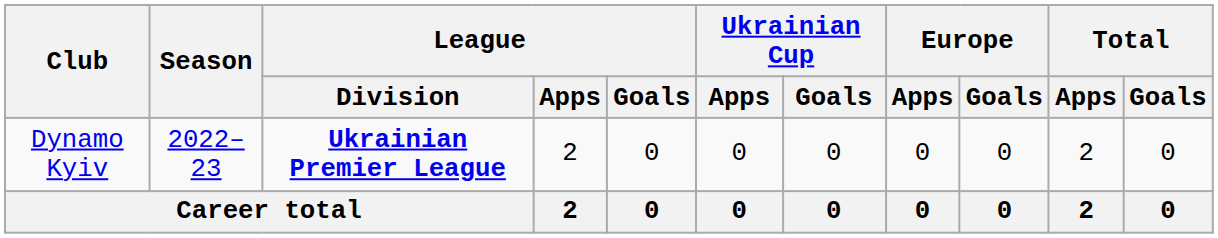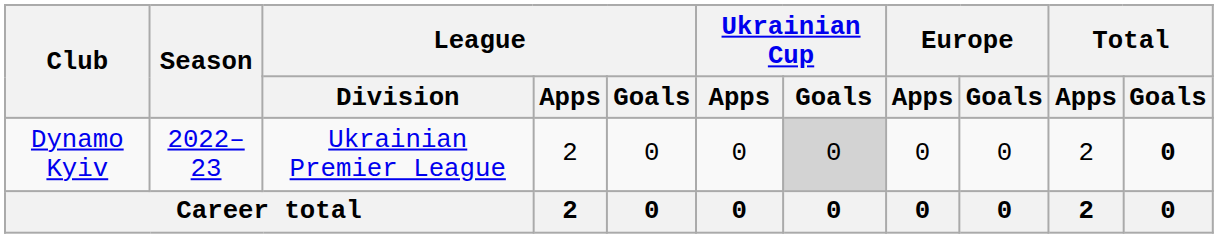 <table class="wikitable" style="text-align:center">
 <tr>
 <th rowspan="2">Club</th>
 <th rowspan="2">Season</th>
 <th colspan="3">League</th>
 <th colspan="2"><a href='#'>Ukrainian Cup</a></th>
 <th colspan="2">Europe</th>
 <th colspan="2">Total</th>
 </tr>
 <tr>
 <th>Division</th>
 <th>Apps</th>
 <th>Goals</th>
 <th>Apps</th>
 <th>Goals</th>
 <th>Apps</th>
 <th>Goals</th>
 <th>Apps</th>
 <th>Goals</th>
 </tr>
 <tr>
 <td><a href='#'>Dynamo Kyiv</a></td>
 <td><a href='#'>2022–23</a></td>
-<td><strong><a href='#'>Ukrainian Premier League</a></strong></td>
+<td><a href='#'>Ukrainian Premier League</a></td>
 <td>2</td>
 <td>0</td>
 <td>0</td>
-<td>0</td>
+<td style="background: lightgrey;">0</td>
 <td>0</td>
 <td>0</td>
 <td>2</td>
-<td>0</td>
+<td><strong>0</strong></td>
 </tr>
 <tr>
 <th colspan="3">Career total</th>
 <th>2</th>
 <th>0</th>
 <th>0</th>
 <th>0</th>
 <th>0</th>
 <th>0</th>
 <th>2</th>
 <th>0</th>
 </tr>
 </table>
